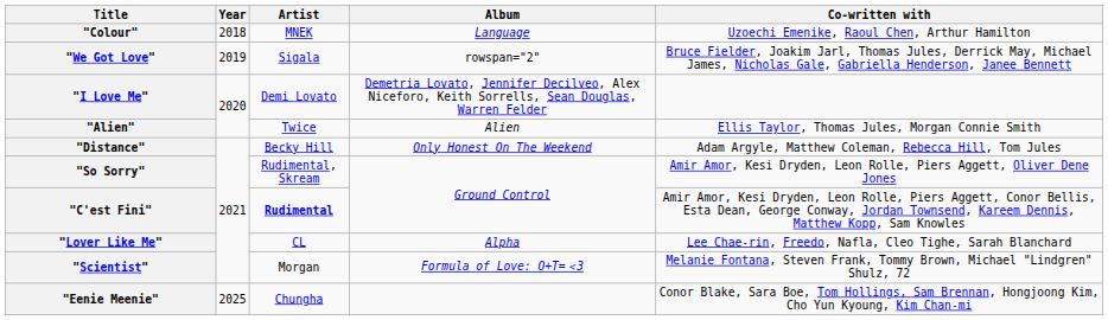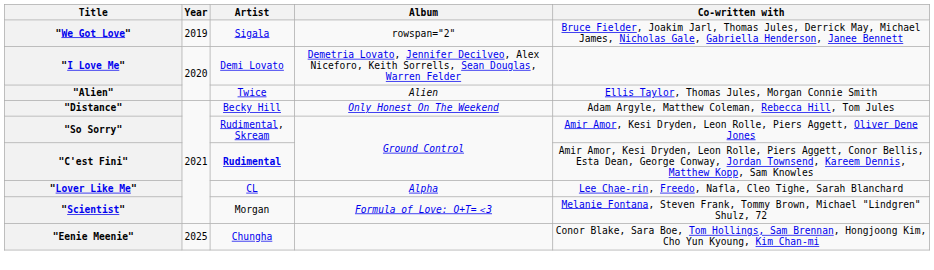 <table class="wikitable plainrowheaders" style="text-align:center;">
 <tr>
 <th scope="col" style="width:18em;">Title</th>
 <th scope="col" style="width:1em;">Year</th>
 <th scope="col">Artist</th>
 <th scope="col">Album</th>
 <th scope="col">Co-written with</th>
-</tr>
-<tr>
-<th scope="row">"Colour" </th>
-<td>2018</td>
-<td><a href='#'>MNEK</a></td>
-<td><em><a href='#'>Language</a></em></td>
-<td><a href='#'>Uzoechi Emenike</a>, <a href='#'>Raoul Chen</a>, Arthur Hamilton</td>
 </tr>
 <tr>
 <th scope="row">"<a href='#'>We Got Love</a>"<br></th>
 <td>2019</td>
 <td><a href='#'>Sigala</a></td>
 <td>rowspan="2" </td>
 <td><a href='#'>Bruce Fielder</a>, Joakim Jarl, Thomas Jules, Derrick May, Michael James, <a href='#'>Nicholas Gale</a>, <a href='#'>Gabriella Henderson</a>, <a href='#'>Janee Bennett</a></td>
 </tr>
 <tr>
 <th scope="row">"<a href='#'>I Love Me</a>"</th>
 <td rowspan="2">2020</td>
 <td><a href='#'>Demi Lovato</a></td>
 <td><a href='#'>Demetria Lovato</a>, <a href='#'>Jennifer Decilveo</a>, Alex Niceforo, Keith Sorrells, <a href='#'>Sean Douglas</a>, <a href='#'>Warren Felder</a></td>
 </tr>
 <tr>
 <th scope="row">"Alien"</th>
 <td><a href='#'>Twice</a></td>
 <td><em>Alien</em></td>
 <td><a href='#'>Ellis Taylor</a>, Thomas Jules, Morgan Connie Smith</td>
 </tr>
 <tr>
 <th scope="row">"Distance"</th>
 <td rowspan="5">2021</td>
 <td><a href='#'>Becky Hill</a></td>
 <td><em><a href='#'>Only Honest On The Weekend</a></em></td>
 <td>Adam Argyle, Matthew Coleman, <a href='#'>Rebecca Hill</a>, Tom Jules</td>
 </tr>
 <tr>
 <th scope="row">"So Sorry"</th>
 <td><a href='#'>Rudimental</a>, <a href='#'>Skream</a></td>
 <td rowspan="2"><em><a href='#'>Ground Control</a></em></td>
 <td><a href='#'>Amir Amor</a>, Kesi Dryden, Leon Rolle, Piers Aggett, <a href='#'>Oliver Dene Jones</a></td>
 </tr>
 <tr>
 <th scope="row">"C'est Fini" </th>
 <td><strong><a href='#'>Rudimental</a></strong></td>
 <td>Amir Amor, Kesi Dryden, Leon Rolle, Piers Aggett, Conor Bellis, Esta Dean, George Conway, <a href='#'>Jordan Townsend</a>, <a href='#'>Kareem Dennis</a>, <a href='#'>Matthew Kopp</a>, Sam Knowles</td>
 </tr>
 <tr>
 <th scope="row">"<a href='#'>Lover Like Me</a>"</th>
 <td><a href='#'>CL</a></td>
 <td><em><a href='#'>Alpha</a></em></td>
 <td><a href='#'>Lee Chae-rin</a>, <a href='#'>Freedo</a>, Nafla, Cleo Tighe, Sarah Blanchard</td>
 </tr>
 <tr>
 <th scope="row">"<a href='#'>Scientist</a>"</th>
 <td>Morgan</td>
 <td><em><a href='#'>Formula of Love: O+T=＜3</a></em></td>
 <td><a href='#'>Melanie Fontana</a>, Steven Frank, Tommy Brown, Michael "Lindgren" Shulz, 72</td>
 </tr>
 <tr>
 <th scope="row">"Eenie Meenie"</th>
 <td>2025</td>
 <td><a href='#'>Chungha</a></td>
 <td></td>
 <td>Conor Blake, Sara Boe, <a href='#'>Tom Hollings, Sam Brennan</a>, Hongjoong Kim, Cho Yun Kyoung, <a href='#'>Kim Chan-mi</a></td>
 </tr>
 </table>
